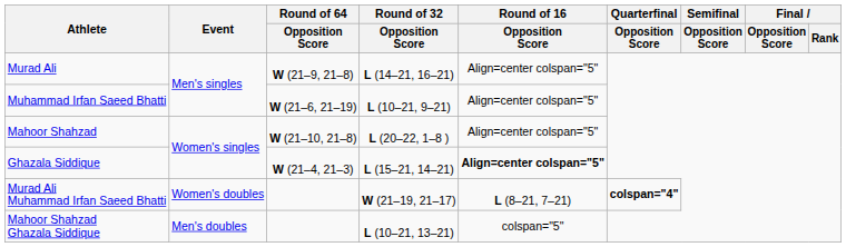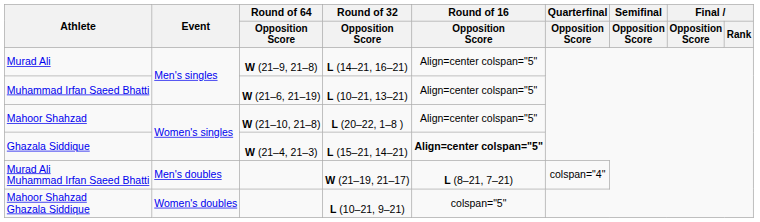 <table class=wikitable style="font-size:90%">
 <tr>
 <th rowspan=2>Athlete</th>
 <th rowspan=2>Event</th>
 <th>Round of 64</th>
 <th>Round of 32</th>
 <th>Round of 16</th>
 <th>Quarterfinal</th>
 <th>Semifinal</th>
 <th colspan=2>Final / </th>
 </tr>
 <tr style="font-size:95%">
 <th>Opposition<br>Score</th>
 <th>Opposition<br>Score</th>
 <th>Opposition<br>Score</th>
 <th>Opposition<br>Score</th>
 <th>Opposition<br>Score</th>
 <th>Opposition<br>Score</th>
 <th>Rank</th>
 </tr>
 <tr align=center>
 <td align=left><a href='#'>Murad Ali</a></td>
 <td align=left rowspan=2><a href='#'>Men's singles</a></td>
 <td><br><strong>W</strong> (21–9, 21–8)</td>
 <td><br><strong>L</strong> (14–21, 16–21)</td>
 <td>Align=center colspan="5" </td>
 </tr>
 <tr align=center>
 <td align=left><a href='#'>Muhammad Irfan Saeed Bhatti</a></td>
 <td><br><strong>W</strong> (21–6, 21–19)</td>
-<td><br><strong>L</strong> (10–21, 9–21)</td>
+<td><br><strong>L</strong> (10–21, 13–21)</td>
 <td>Align=center colspan="5" </td>
 </tr>
 <tr align=center>
 <td align=left><a href='#'>Mahoor Shahzad</a></td>
 <td align=left rowspan=2><a href='#'>Women's singles</a></td>
 <td><br><strong>W</strong> (21–10, 21–8)</td>
 <td><br><strong>L</strong> (20–22, 1–8 )</td>
 <td>Align=center colspan="5" </td>
 </tr>
 <tr align=center>
 <td align=left><a href='#'>Ghazala Siddique</a></td>
 <td><br><strong>W</strong> (21–4, 21–3)</td>
 <td><br><strong>L</strong> (15–21, 14–21)</td>
 <td><strong>Align=center colspan="5" </strong></td>
 </tr>
 <tr align=center>
 <td align=left><a href='#'>Murad Ali</a><br><a href='#'>Muhammad Irfan Saeed Bhatti</a></td>
-<td align=left><a href='#'>Women's doubles</a></td>
+<td align=left><a href='#'>Men's doubles</a></td>
 <td></td>
 <td><br><strong>W</strong> (21–19, 21–17)</td>
 <td><br><strong>L</strong> (8–21, 7–21)</td>
-<td><strong>colspan="4" </strong></td>
+<td>colspan="4" </td>
 </tr>
 <tr align=center>
 <td align=left><a href='#'>Mahoor Shahzad</a><br><a href='#'>Ghazala Siddique</a></td>
-<td align=left><a href='#'>Men's doubles</a></td>
+<td align=left><a href='#'>Women's doubles</a></td>
 <td></td>
-<td><br><strong>L</strong> (10–21, 13–21)</td>
+<td><br><strong>L</strong> (10–21, 9–21)</td>
 <td>colspan="5" </td>
 </tr>
 </table>
